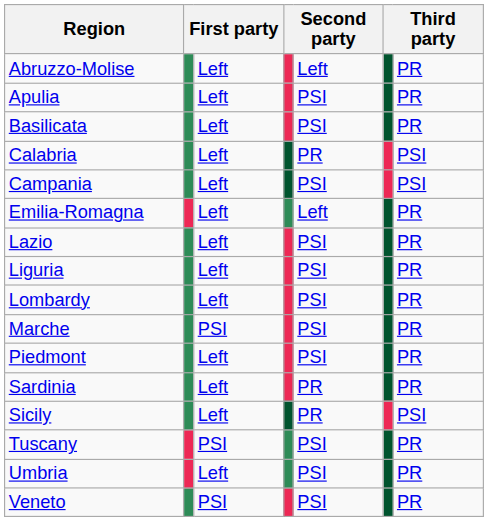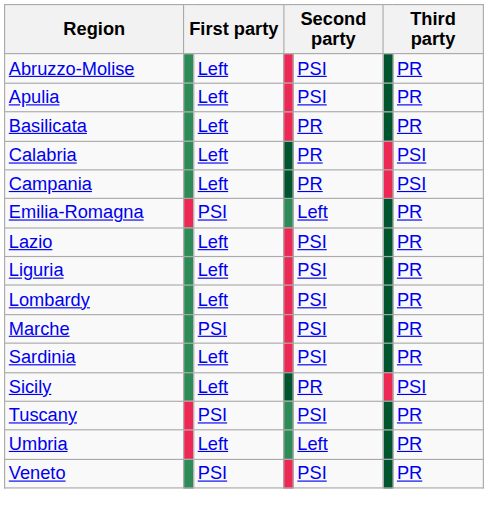 <table class="wikitable" style="valign:top">
 <tr>
 <th style="width:150px;">Region</th>
 <th colspan=2 style="width:80px;">First party</th>
 <th colspan=2 style="width:80px;">Second party</th>
 <th colspan=2 style="width:80px;">Third party</th>
 </tr>
 <tr>
 <td><a href='#'>Abruzzo-Molise</a></td>
 <td width="1" bgcolor="#2E8B57"></td>
 <td align="left"><a href='#'>Left</a></td>
 <td width="1" bgcolor="#ED2855"></td>
-<td align="left"><a href='#'>Left</a></td>
+<td align="left"><a href='#'>PSI</a></td>
 <td width="1" bgcolor="#00542E"></td>
 <td align="left"><a href='#'>PR</a></td>
 </tr>
 <tr>
 <td><a href='#'>Apulia</a></td>
 <td width="1" bgcolor="#2E8B57"></td>
 <td align="left"><a href='#'>Left</a></td>
 <td width="1" bgcolor="#ED2855"></td>
 <td align="left"><a href='#'>PSI</a></td>
 <td width="1" bgcolor="#00542E"></td>
 <td align="left"><a href='#'>PR</a></td>
 </tr>
 <tr>
 <td><a href='#'>Basilicata</a></td>
 <td width="1" bgcolor="#2E8B57"></td>
 <td align="left"><a href='#'>Left</a></td>
 <td width="1" bgcolor="#ED2855"></td>
-<td align="left"><a href='#'>PSI</a></td>
+<td align="left"><a href='#'>PR</a></td>
 <td width="1" bgcolor="#00542E"></td>
 <td align="left"><a href='#'>PR</a></td>
 </tr>
 <tr>
 <td><a href='#'>Calabria</a></td>
 <td width="1" bgcolor="#2E8B57"></td>
 <td align="left"><a href='#'>Left</a></td>
 <td width="1" bgcolor="#00542E"></td>
 <td align="left"><a href='#'>PR</a></td>
 <td width="1" bgcolor="#ED2855"></td>
 <td align="left"><a href='#'>PSI</a></td>
 </tr>
 <tr>
 <td><a href='#'>Campania</a></td>
 <td width="1" bgcolor="#2E8B57"></td>
 <td align="left"><a href='#'>Left</a></td>
 <td width="1" bgcolor="#00542E"></td>
-<td align="left"><a href='#'>PSI</a></td>
+<td align="left"><a href='#'>PR</a></td>
 <td width="1" bgcolor="#ED2855"></td>
 <td align="left"><a href='#'>PSI</a></td>
 </tr>
 <tr>
 <td><a href='#'>Emilia-Romagna</a></td>
 <td width="1" bgcolor="#ED2855"></td>
-<td align="left"><a href='#'>Left</a></td>
+<td align="left"><a href='#'>PSI</a></td>
 <td width="1" bgcolor="#2E8B57"></td>
 <td align="left"><a href='#'>Left</a></td>
 <td width="1" bgcolor="#00542E"></td>
 <td align="left"><a href='#'>PR</a></td>
 </tr>
 <tr>
 <td><a href='#'>Lazio</a></td>
 <td width="1" bgcolor="#2E8B57"></td>
 <td align="left"><a href='#'>Left</a></td>
 <td width="1" bgcolor="#ED2855"></td>
 <td align="left"><a href='#'>PSI</a></td>
 <td width="1" bgcolor="#00542E"></td>
 <td align="left"><a href='#'>PR</a></td>
 </tr>
 <tr>
 <td><a href='#'>Liguria</a></td>
 <td width="1" bgcolor="#2E8B57"></td>
 <td align="left"><a href='#'>Left</a></td>
 <td width="1" bgcolor="#ED2855"></td>
 <td align="left"><a href='#'>PSI</a></td>
 <td width="1" bgcolor="#00542E"></td>
 <td align="left"><a href='#'>PR</a></td>
 </tr>
 <tr>
 <td><a href='#'>Lombardy</a></td>
 <td width="1" bgcolor="#2E8B57"></td>
 <td align="left"><a href='#'>Left</a></td>
 <td width="1" bgcolor="#ED2855"></td>
 <td align="left"><a href='#'>PSI</a></td>
 <td width="1" bgcolor="#00542E"></td>
 <td align="left"><a href='#'>PR</a></td>
 </tr>
 <tr>
 <td><a href='#'>Marche</a></td>
 <td width="1" bgcolor="#2E8B57"></td>
 <td align="left"><a href='#'>PSI</a></td>
 <td width="1" bgcolor="#ED2855"></td>
 <td align="left"><a href='#'>PSI</a></td>
 <td width="1" bgcolor="#00542E"></td>
 <td align="left"><a href='#'>PR</a></td>
 </tr>
 <tr>
-<td><a href='#'>Piedmont</a></td>
+<td><a href='#'>Sardinia</a></td>
 <td width="1" bgcolor="#2E8B57"></td>
 <td align="left"><a href='#'>Left</a></td>
 <td width="1" bgcolor="#ED2855"></td>
 <td align="left"><a href='#'>PSI</a></td>
-<td width="1" bgcolor="#00542E"></td>
-<td align="left"><a href='#'>PR</a></td>
-</tr>
-<tr>
-<td><a href='#'>Sardinia</a></td>
-<td width="1" bgcolor="#2E8B57"></td>
-<td align="left"><a href='#'>Left</a></td>
-<td width="1" bgcolor="#ED2855"></td>
-<td align="left"><a href='#'>PR</a></td>
 <td width="1" bgcolor="#00542E"></td>
 <td align="left"><a href='#'>PR</a></td>
 </tr>
 <tr>
 <td><a href='#'>Sicily</a></td>
 <td width="1" bgcolor="#2E8B57"></td>
 <td align="left"><a href='#'>Left</a></td>
 <td width="1" bgcolor="#00542E"></td>
 <td align="left"><a href='#'>PR</a></td>
 <td width="1" bgcolor="#ED2855"></td>
 <td align="left"><a href='#'>PSI</a></td>
 </tr>
 <tr>
 <td><a href='#'>Tuscany</a></td>
 <td width="1" bgcolor="#ED2855"></td>
 <td align="left"><a href='#'>PSI</a></td>
 <td width="1" bgcolor="#2E8B57"></td>
 <td align="left"><a href='#'>PSI</a></td>
 <td width="1" bgcolor="#00542E"></td>
 <td align="left"><a href='#'>PR</a></td>
 </tr>
 <tr>
 <td><a href='#'>Umbria</a></td>
 <td width="1" bgcolor="#ED2855"></td>
 <td align="left"><a href='#'>Left</a></td>
 <td width="1" bgcolor="#2E8B57"></td>
-<td align="left"><a href='#'>PSI</a></td>
+<td align="left"><a href='#'>Left</a></td>
 <td width="1" bgcolor="#00542E"></td>
 <td align="left"><a href='#'>PR</a></td>
 </tr>
 <tr>
 <td><a href='#'>Veneto</a></td>
 <td width="1" bgcolor="#2E8B57"></td>
 <td align="left"><a href='#'>PSI</a></td>
 <td width="1" bgcolor="#ED2855"></td>
 <td align="left"><a href='#'>PSI</a></td>
 <td width="1" bgcolor="#00542E"></td>
 <td align="left"><a href='#'>PR</a></td>
 </tr>
 </table>
